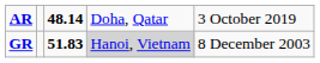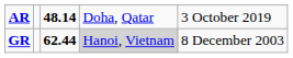 <table class="wikitable" style="font-size:95%; position:relative;">
 <tr>
 <td align=center><strong><a href='#'>AR</a></strong></td>
 <td></td>
 <td><strong>48.14</strong></td>
 <td><a href='#'>Doha</a>, <a href='#'>Qatar</a></td>
 <td>3 October 2019</td>
 </tr>
 <tr>
 <td align=center><strong><a href='#'>GR</a></strong></td>
 <td></td>
-<td><strong>51.83</strong></td>
+<td><strong>62.44</strong></td>
 <td style="background: lightgrey;"><a href='#'>Hanoi</a>, <a href='#'>Vietnam</a></td>
 <td>8 December 2003</td>
 </tr>
 </table>
